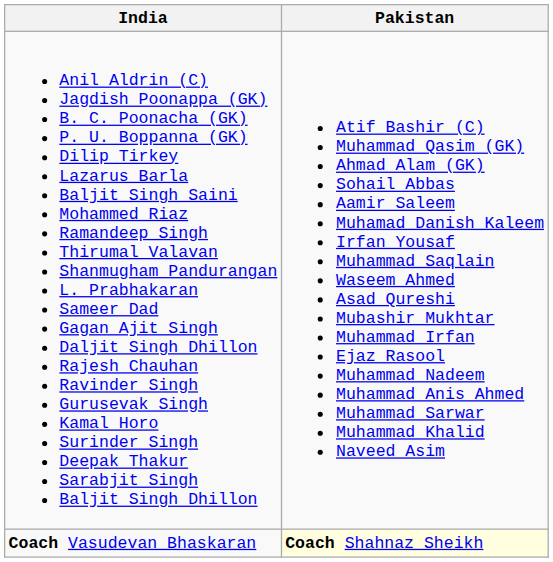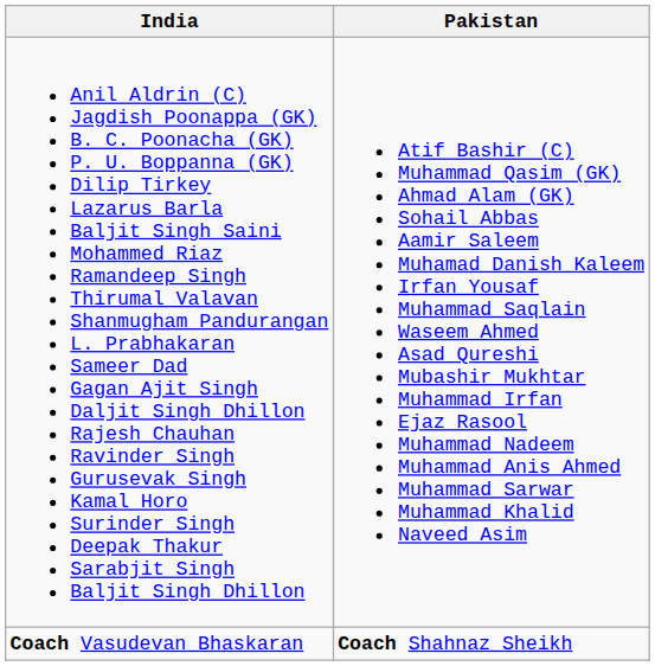 <table class="wikitable">
 <tr>
 <th> India</th>
 <th> Pakistan</th>
 </tr>
 <tr>
 <td><br><ul><li><a href='#'>Anil Aldrin (C)</a></li><li><a href='#'>Jagdish Poonappa (GK)</a></li><li><a href='#'>B. C. Poonacha (GK)</a></li><li><a href='#'>P. U. Boppanna (GK)</a></li><li><a href='#'>Dilip Tirkey</a></li><li><a href='#'>Lazarus Barla</a></li><li><a href='#'>Baljit Singh Saini</a></li><li><a href='#'>Mohammed Riaz</a></li><li><a href='#'>Ramandeep Singh</a></li><li><a href='#'>Thirumal Valavan</a></li><li><a href='#'>Shanmugham Pandurangan</a></li><li><a href='#'>L. Prabhakaran</a></li><li><a href='#'>Sameer Dad</a></li><li><a href='#'>Gagan Ajit Singh</a></li><li><a href='#'>Daljit Singh Dhillon</a></li><li><a href='#'>Rajesh Chauhan</a></li><li><a href='#'>Ravinder Singh</a></li><li><a href='#'>Gurusevak Singh</a></li><li><a href='#'>Kamal Horo</a></li><li><a href='#'>Surinder Singh</a></li><li><a href='#'>Deepak Thakur</a></li><li><a href='#'>Sarabjit Singh</a></li><li><a href='#'>Baljit Singh Dhillon</a></li></ul></td>
 <td><br><ul><li><a href='#'>Atif Bashir (C)</a></li><li><a href='#'>Muhammad Qasim (GK)</a></li><li><a href='#'>Ahmad Alam (GK)</a></li><li><a href='#'>Sohail Abbas</a></li><li><a href='#'>Aamir Saleem</a></li><li><a href='#'>Muhamad Danish Kaleem</a></li><li><a href='#'>Irfan Yousaf</a></li><li><a href='#'>Muhammad Saqlain</a></li><li><a href='#'>Waseem Ahmed</a></li><li><a href='#'>Asad Qureshi</a></li><li><a href='#'>Mubashir Mukhtar</a></li><li><a href='#'>Muhammad Irfan</a></li><li><a href='#'>Ejaz Rasool</a></li><li><a href='#'>Muhammad Nadeem</a></li><li><a href='#'>Muhammad Anis Ahmed</a></li><li><a href='#'>Muhammad Sarwar</a></li><li><a href='#'>Muhammad Khalid</a></li><li><a href='#'>Naveed Asim</a></li></ul></td>
 </tr>
 <tr>
 <td><strong>Coach</strong>  <a href='#'>Vasudevan Bhaskaran</a></td>
-<td style="background: lightyellow;"><strong>Coach</strong>  <a href='#'>Shahnaz Sheikh</a></td>
+<td><strong>Coach</strong>  <a href='#'>Shahnaz Sheikh</a></td>
 </tr>
 </table>
